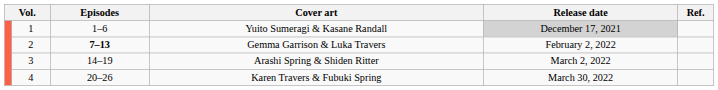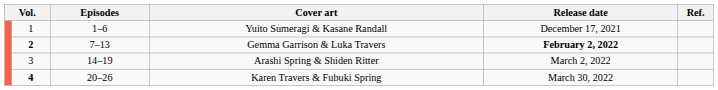 <table class="wikitable" style="text-align: center; width: 70%;">
 <tr>
 <th colspan="2">Vol.</th>
 <th>Episodes</th>
 <th>Cover art</th>
 <th>Release date</th>
 <th width="5%">Ref.</th>
 </tr>
 <tr>
 <td rowspan="4" width="1%" style="background: #FF6048;"></td>
 <td>1</td>
 <td>1–6</td>
 <td>Yuito Sumeragi & Kasane Randall</td>
-<td style="background: lightgrey;">December 17, 2021</td>
+<td>December 17, 2021</td>
 <td></td>
 </tr>
 <tr>
-<td>2</td>
-<td><strong>7–13</strong></td>
+<td><strong>2</strong></td>
+<td>7–13</td>
 <td>Gemma Garrison & Luka Travers</td>
-<td>February 2, 2022</td>
+<td><strong>February 2, 2022</strong></td>
 <td></td>
 </tr>
 <tr>
 <td>3</td>
 <td>14–19</td>
 <td>Arashi Spring & Shiden Ritter</td>
 <td>March 2, 2022</td>
 <td></td>
 </tr>
 <tr>
-<td>4</td>
+<td><strong>4</strong></td>
 <td>20–26</td>
 <td>Karen Travers & Fubuki Spring</td>
 <td>March 30, 2022</td>
 <td></td>
 </tr>
 </table>
